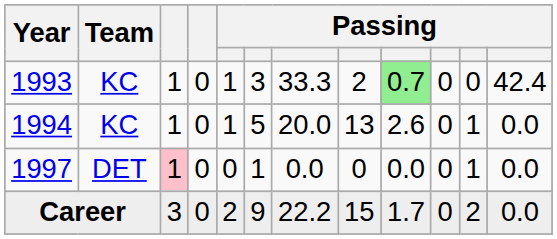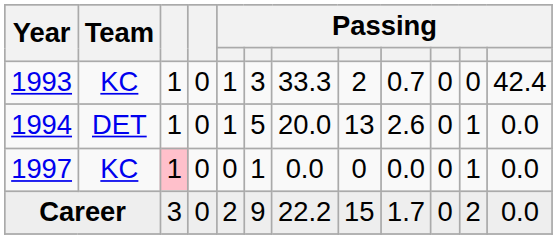 <table class="wikitable sortable" style="text-align:center">
 <tr>
 <th rowspan=2>Year</th>
 <th rowspan=2>Team</th>
 <th rowspan=2></th>
 <th rowspan=2></th>
 <th colspan=8>Passing</th>
 </tr>
 <tr>
 <th></th>
 <th></th>
 <th></th>
 <th></th>
 <th></th>
 <th></th>
 <th></th>
 <th></th>
 </tr>
 <tr>
 <td><a href='#'>1993</a></td>
 <td><a href='#'>KC</a></td>
 <td>1</td>
 <td>0</td>
 <td>1</td>
 <td>3</td>
 <td>33.3</td>
 <td>2</td>
-<td style="background: lightgreen;">0.7</td>
+<td>0.7</td>
 <td>0</td>
 <td>0</td>
 <td>42.4</td>
 </tr>
 <tr>
 <td><a href='#'>1994</a></td>
-<td><a href='#'>KC</a></td>
+<td><a href='#'>DET</a></td>
 <td>1</td>
 <td>0</td>
 <td>1</td>
 <td>5</td>
 <td>20.0</td>
 <td>13</td>
 <td>2.6</td>
 <td>0</td>
 <td>1</td>
 <td>0.0</td>
 </tr>
 <tr>
 <td><a href='#'>1997</a></td>
-<td><a href='#'>DET</a></td>
+<td><a href='#'>KC</a></td>
 <td style="background: pink;">1</td>
 <td>0</td>
 <td>0</td>
 <td>1</td>
 <td>0.0</td>
 <td>0</td>
 <td>0.0</td>
 <td>0</td>
 <td>1</td>
 <td>0.0</td>
 </tr>
 <tr class="sortbottom" style="background:#eee;">
 <td colspan=2><strong>Career</strong></td>
 <td>3</td>
 <td>0</td>
 <td>2</td>
 <td>9</td>
 <td>22.2</td>
 <td>15</td>
 <td>1.7</td>
 <td>0</td>
 <td>2</td>
 <td>0.0</td>
 </tr>
 </table>
